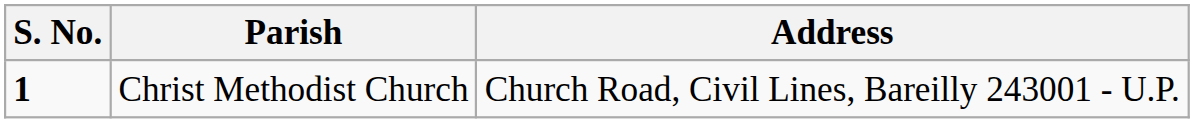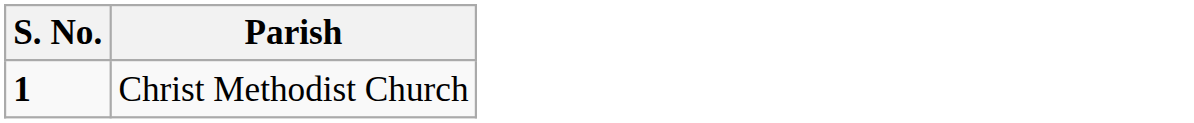 <table class="wikitable">
 <tr>
 <th>S. No.</th>
 <th>Parish</th>
-<th>Address</th>
 </tr>
 <tr>
 <td><strong>1</strong></td>
 <td>Christ Methodist Church</td>
-<td>Church Road, Civil Lines, Bareilly 243001 - U.P.</td>
 </tr>
 </table>
